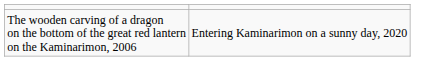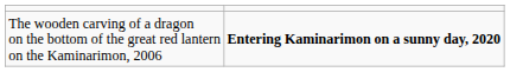 <table class="wikitable floatright">
 <tr>
 <td></td>
 <td></td>
 </tr>
 <tr>
 <td>The wooden carving of a dragon <br>on the bottom of the great red lantern <br>on the Kaminarimon, 2006</td>
-<td>Entering Kaminarimon on a sunny day, 2020</td>
+<td><strong>Entering Kaminarimon on a sunny day, 2020</strong></td>
 </tr>
 </table>
